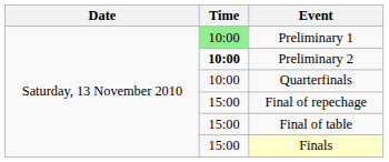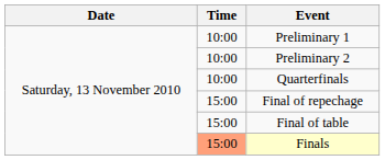 <table class = "wikitable" style="text-align:center;">
 <tr>
 <th width=220>Date</th>
 <th width=50>Time</th>
 <th width=150>Event</th>
 </tr>
 <tr>
 <td rowspan=6>Saturday, 13 November 2010</td>
-<td style="background: lightgreen;">10:00</td>
+<td>10:00</td>
 <td>Preliminary 1</td>
 </tr>
 <tr>
-<td><strong>10:00</strong></td>
+<td>10:00</td>
 <td>Preliminary 2</td>
 </tr>
 <tr>
 <td>10:00</td>
 <td>Quarterfinals</td>
 </tr>
 <tr>
 <td>15:00</td>
 <td>Final of repechage</td>
 </tr>
 <tr>
 <td>15:00</td>
 <td>Final of table</td>
 </tr>
 <tr>
-<td>15:00</td>
+<td style="background: lightsalmon;">15:00</td>
 <td bgcolor=ffffcc>Finals</td>
 </tr>
 </table>
